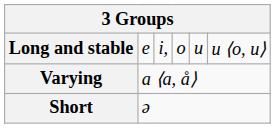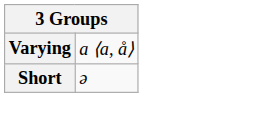 <table class="wikitable">
 <tr>
 <th colspan="6">3 Groups</th>
-</tr>
-<tr>
-<th>Long and stable</th>
-<td><em>e</em></td>
-<td><em>i,</em></td>
-<td><em>o</em></td>
-<td><em>u</em></td>
-<td><em>u ⟨о, u⟩</em></td>
 </tr>
 <tr>
 <th>Varying</th>
 <td colspan="5"><em>a ⟨a, å⟩</em></td>
 </tr>
 <tr>
 <th>Short</th>
 <td colspan="5"><em>ə</em></td>
 </tr>
 </table>
